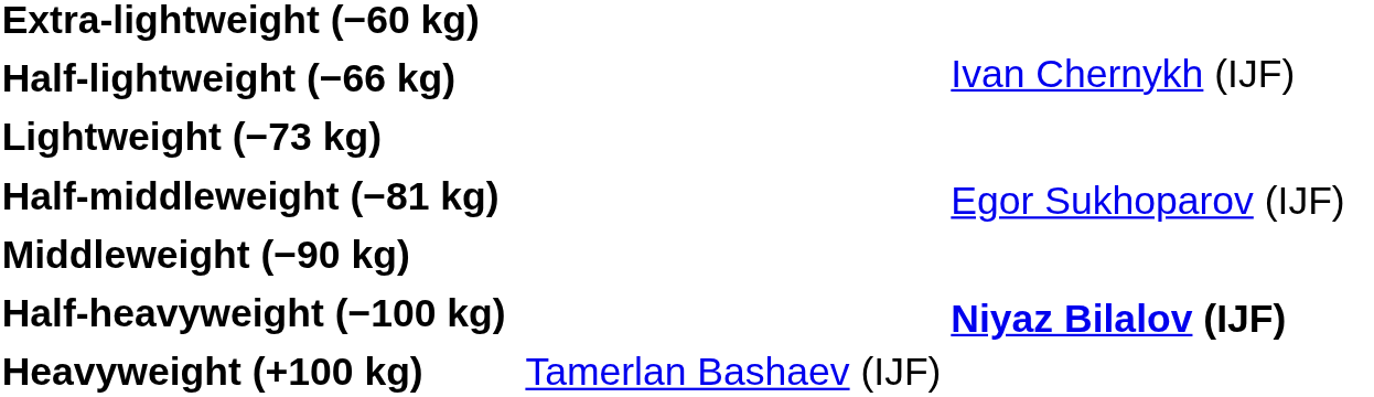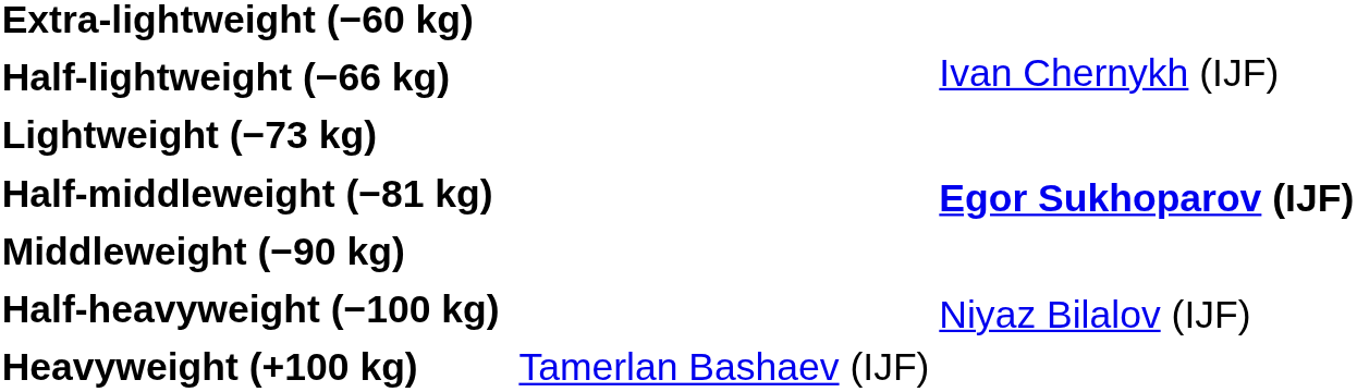 <table>
 <tr>
 <th rowspan=2 style="text-align:left;">Extra-lightweight (−60 kg)</th>
 <td rowspan=2></td>
 <td rowspan=2></td>
 <td></td>
 </tr>
 <tr>
 <td></td>
 </tr>
 <tr>
 <th rowspan=2 style="text-align:left;">Half-lightweight (−66 kg)</th>
 <td rowspan=2></td>
 <td rowspan=2></td>
 <td> <a href='#'>Ivan Chernykh</a> <span>(<abbr>IJF</abbr>)</span></td>
 </tr>
 <tr>
 <td></td>
 </tr>
 <tr>
 <th rowspan=2 style="text-align:left;">Lightweight (−73 kg)</th>
 <td rowspan=2></td>
 <td rowspan=2></td>
 <td></td>
 </tr>
 <tr>
 <td></td>
 </tr>
 <tr>
 <th rowspan=2 style="text-align:left;">Half-middleweight (−81 kg)</th>
 <td rowspan=2></td>
 <td rowspan=2></td>
 <td></td>
 </tr>
 <tr>
-<td> <a href='#'>Egor Sukhoparov</a> <span>(<abbr>IJF</abbr>)</span></td>
+<td><strong> <a href='#'>Egor Sukhoparov</a> <span>(<abbr>IJF</abbr>)</span></strong></td>
 </tr>
 <tr>
 <th rowspan=2 style="text-align:left;">Middleweight (−90 kg)</th>
 <td rowspan=2></td>
 <td rowspan=2></td>
 <td></td>
 </tr>
 <tr>
 <td></td>
 </tr>
 <tr>
 <th rowspan=2 style="text-align:left;">Half-heavyweight (−100 kg)</th>
 <td rowspan=2></td>
 <td rowspan=2></td>
 <td></td>
 </tr>
 <tr>
-<td><strong> <a href='#'>Niyaz Bilalov</a> <span>(<abbr>IJF</abbr>)</span></strong></td>
+<td> <a href='#'>Niyaz Bilalov</a> <span>(<abbr>IJF</abbr>)</span></td>
 </tr>
 <tr>
 <th rowspan=2 style="text-align:left;">Heavyweight (+100 kg)</th>
 <td rowspan=2></td>
 <td rowspan=2> <a href='#'>Tamerlan Bashaev</a> <span>(<abbr>IJF</abbr>)</span></td>
 <td></td>
 </tr>
 <tr>
 <td></td>
 </tr>
 </table>
